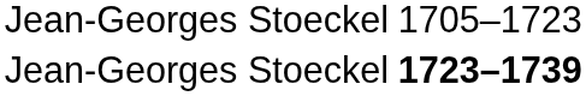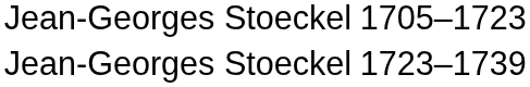 <table>
 <tr>
 <td>Jean-Georges Stoeckel</td>
 <td>1705–1723</td>
 </tr>
 <tr>
 <td>Jean-Georges Stoeckel</td>
-<td><strong>1723–1739</strong></td>
+<td>1723–1739</td>
 </tr>
 </table>
